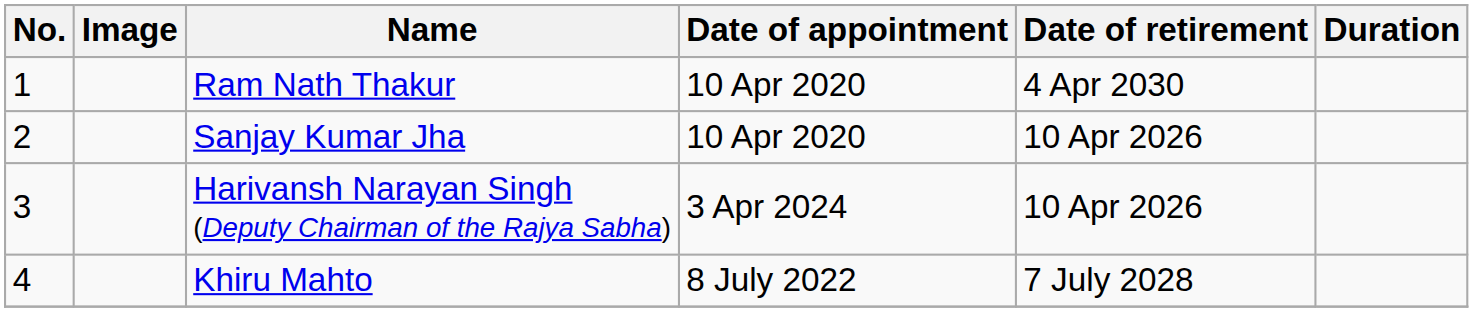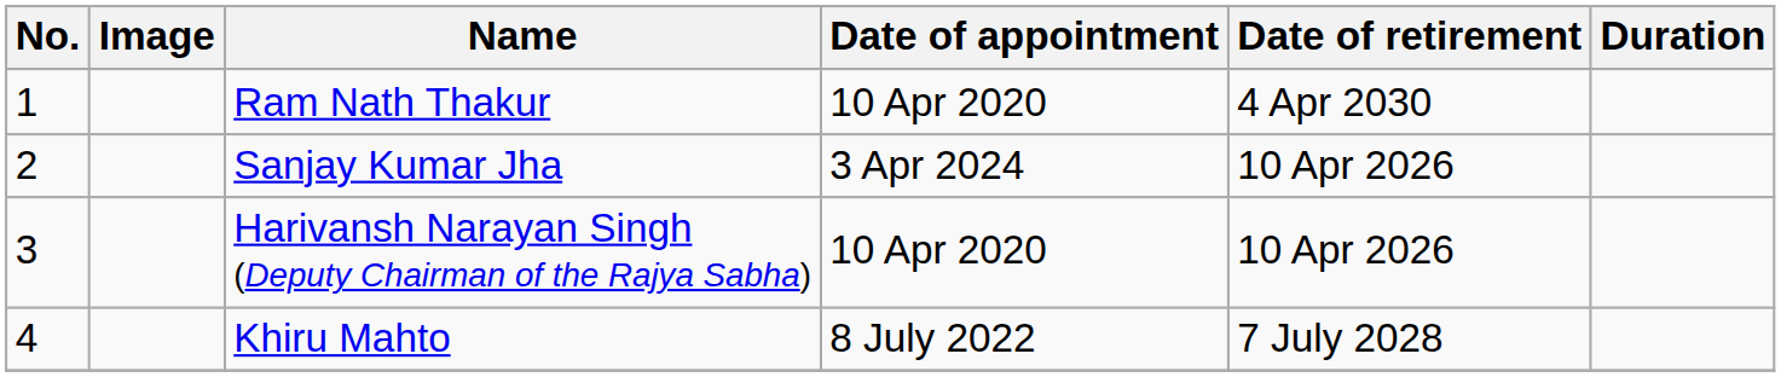 <table class="wikitable sortable">
 <tr>
 <th style="background-color:">No.</th>
 <th style="background-color:">Image</th>
 <th style="background-color:">Name</th>
 <th style="background-color:">Date of appointment</th>
 <th style="background-color:">Date of retirement</th>
 <th style="background-color:">Duration</th>
 </tr>
 <tr>
 <td>1</td>
 <td></td>
 <td><a href='#'>Ram Nath Thakur</a></td>
 <td>10 Apr 2020</td>
 <td>4 Apr 2030</td>
 <td></td>
 </tr>
 <tr>
 <td>2</td>
 <td></td>
 <td><a href='#'>Sanjay Kumar Jha</a></td>
-<td>10 Apr 2020</td>
+<td>3 Apr 2024</td>
 <td>10 Apr 2026</td>
 <td></td>
 </tr>
 <tr>
 <td>3</td>
 <td></td>
 <td><a href='#'>Harivansh Narayan Singh</a><br><small>(<em><a href='#'>Deputy Chairman of the Rajya Sabha</a></em>)</small></td>
-<td>3 Apr 2024</td>
+<td>10 Apr 2020</td>
 <td>10 Apr 2026</td>
 <td></td>
 </tr>
 <tr>
 <td>4</td>
 <td></td>
 <td><a href='#'>Khiru Mahto</a></td>
 <td>8 July 2022</td>
 <td>7 July 2028</td>
 <td></td>
 </tr>
 <tr>
 </tr>
 </table>
